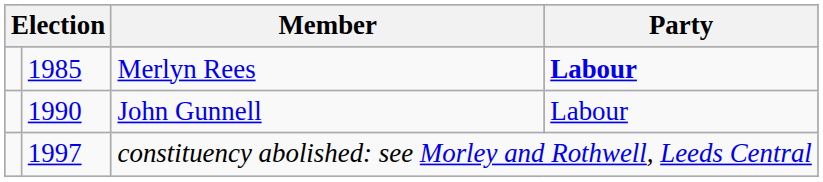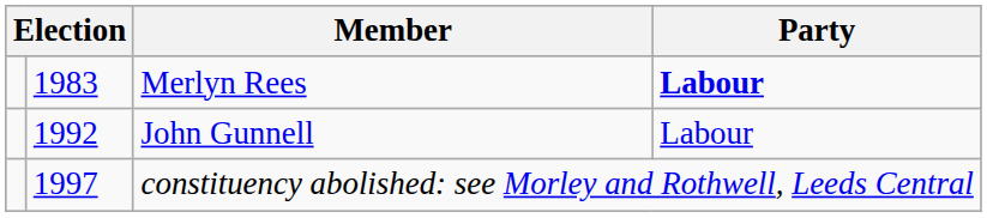 <table class="wikitable">
 <tr>
 <th colspan="2">Election</th>
 <th>Member</th>
 <th>Party</th>
 </tr>
 <tr>
 <td style="color:inherit;background-color: "></td>
-<td><a href='#'>1985</a></td>
+<td><a href='#'>1983</a></td>
 <td><a href='#'>Merlyn Rees</a></td>
 <td><strong><a href='#'>Labour</a></strong></td>
 </tr>
 <tr>
 <td style="color:inherit;background-color: "></td>
-<td><a href='#'>1990</a></td>
+<td><a href='#'>1992</a></td>
 <td><a href='#'>John Gunnell</a></td>
 <td><a href='#'>Labour</a></td>
 </tr>
 <tr>
 <td></td>
 <td><a href='#'>1997</a></td>
 <td colspan="2"><em>constituency abolished: see <a href='#'>Morley and Rothwell</a>, <a href='#'>Leeds Central</a></em></td>
 </tr>
 </table>
